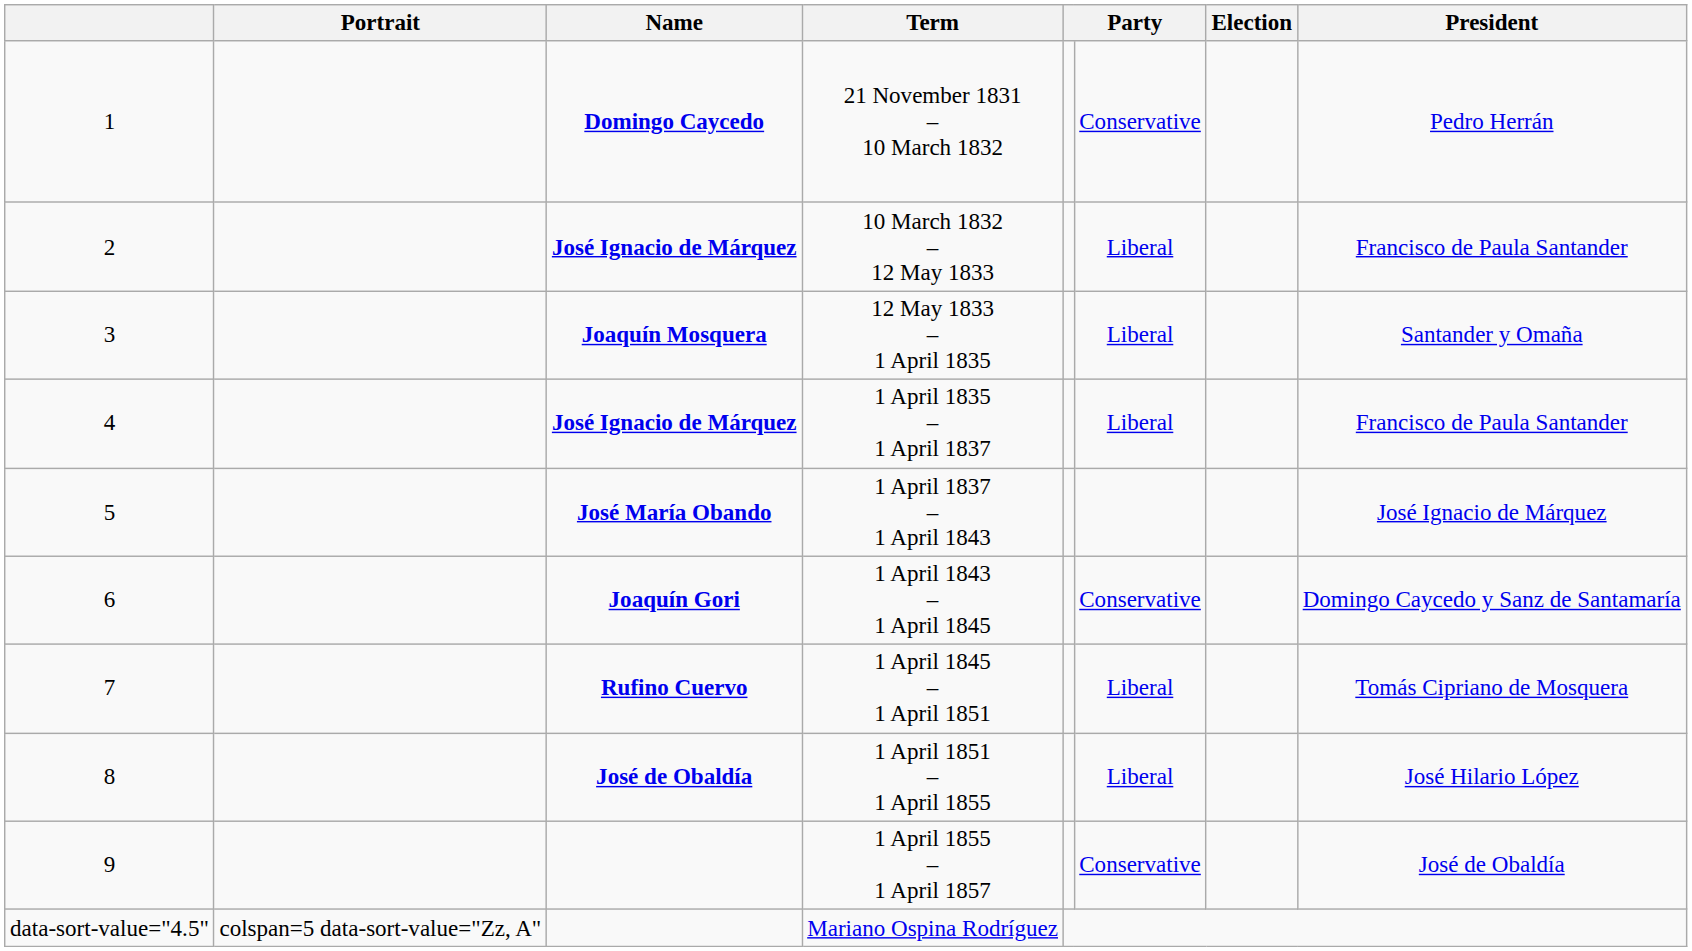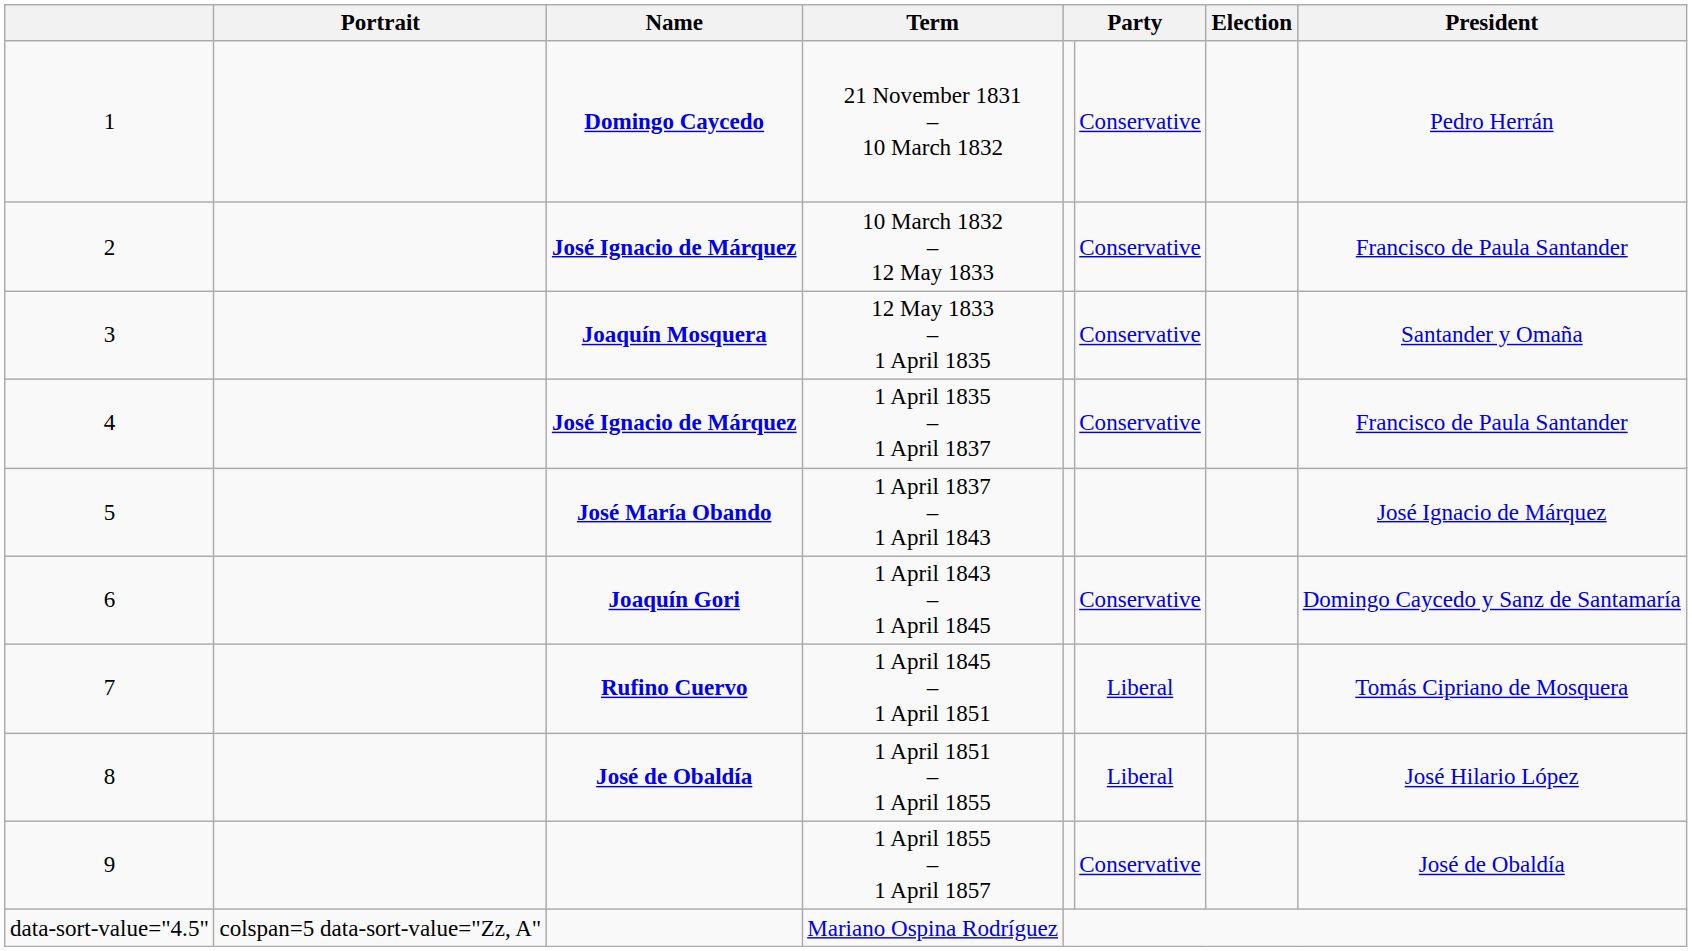 <table class="wikitable sortable" style="text-align:center">
 <tr>
 <th scope="col"></th>
 <th scope="col" class="unsortable">Portrait</th>
 <th scope="col">Name<br></th>
 <th scope="col" class="unsortable">Term</th>
 <th scope="col" colspan=2>Party</th>
 <th scope="col" class="unsortable">Election</th>
 <th scope="col">President</th>
 </tr>
 <tr style="height:7em;">
 <td>1</td>
 <td></td>
 <td data-sort-value="de Márquez, José Ignacio"><strong><a href='#'>Domingo Caycedo</a></strong></td>
 <td>21 November 1831<br>–<br>10 March 1832</td>
 <td style="background:"></td>
 <td><a href='#'>Conservative</a></td>
 <td></td>
 <td><a href='#'>Pedro Herrán</a></td>
 </tr>
 <tr>
 <td>2</td>
 <td></td>
 <td data-sort-value="de Márquez, José Ignacio"><strong><a href='#'>José Ignacio de Márquez</a></strong></td>
 <td>10 March 1832<br>–<br>12 May 1833</td>
 <td style="background:"></td>
-<td><a href='#'>Liberal</a></td>
+<td><a href='#'>Conservative</a></td>
 <td></td>
 <td><a href='#'>Francisco de Paula Santander</a></td>
 </tr>
 <tr>
 <td>3</td>
 <td></td>
 <td data-sort-value="de Márquez, José Ignacio"><strong><a href='#'>Joaquín Mosquera</a></strong></td>
 <td>12 May 1833<br>–<br>1 April 1835</td>
 <td style="background:"></td>
-<td><a href='#'>Liberal</a></td>
+<td><a href='#'>Conservative</a></td>
 <td></td>
 <td><a href='#'>Santander y Omaña</a></td>
 </tr>
 <tr>
 <td>4</td>
 <td></td>
 <td data-sort-value="de Márquez, José Ignacio"><strong><a href='#'>José Ignacio de Márquez</a></strong></td>
 <td>1 April 1835<br>–<br>1 April 1837</td>
 <td style="background:"></td>
-<td><a href='#'>Liberal</a></td>
+<td><a href='#'>Conservative</a></td>
 <td></td>
 <td><a href='#'>Francisco de Paula Santander</a></td>
 </tr>
 <tr>
 <td>5</td>
 <td></td>
 <td data-sort-value="Obando, José María"><strong><a href='#'>José María Obando</a></strong><br></td>
 <td>1 April 1837<br>–<br>1 April 1843</td>
 <td></td>
 <td></td>
 <td></td>
 <td><a href='#'>José Ignacio de Márquez</a></td>
 </tr>
 <tr>
 <td>6</td>
 <td></td>
 <td data-sort-value="de Márquez, José Ignacio"><strong><a href='#'>Joaquín Gori</a></strong></td>
 <td>1 April 1843<br>–<br>1 April 1845</td>
 <td style="background:"></td>
 <td><a href='#'>Conservative</a></td>
 <td></td>
 <td><a href='#'>Domingo Caycedo y Sanz de Santamaría</a></td>
 </tr>
 <tr>
 <td>7</td>
 <td></td>
 <td data-sort-value="de Márquez, José Ignacio"><strong><a href='#'>Rufino Cuervo</a></strong></td>
 <td>1 April 1845<br>–<br>1 April 1851</td>
 <td style="background:"></td>
 <td><a href='#'>Liberal</a></td>
 <td></td>
 <td><a href='#'>Tomás Cipriano de Mosquera</a></td>
 </tr>
 <tr>
 <td>8</td>
 <td></td>
 <td data-sort-value="de Márquez, José Ignacio"><strong><a href='#'>José de Obaldía</a></strong></td>
 <td>1 April 1851<br>–<br>1 April 1855</td>
 <td style="background:"></td>
 <td><a href='#'>Liberal</a></td>
 <td></td>
 <td><a href='#'>José Hilario López</a></td>
 </tr>
 <tr>
 <td>9</td>
 <td></td>
 <td></td>
 <td>1 April 1855<br>–<br>1 April 1857</td>
 <td style="background:"></td>
 <td><a href='#'>Conservative</a></td>
 <td></td>
 <td><a href='#'>José de Obaldía</a></td>
 </tr>
 <tr>
 <td>data-sort-value="4.5" </td>
 <td>colspan=5 data-sort-value="Zz, A" </td>
 <td></td>
 <td><a href='#'>Mariano Ospina Rodríguez</a></td>
 </tr>
 </table>
